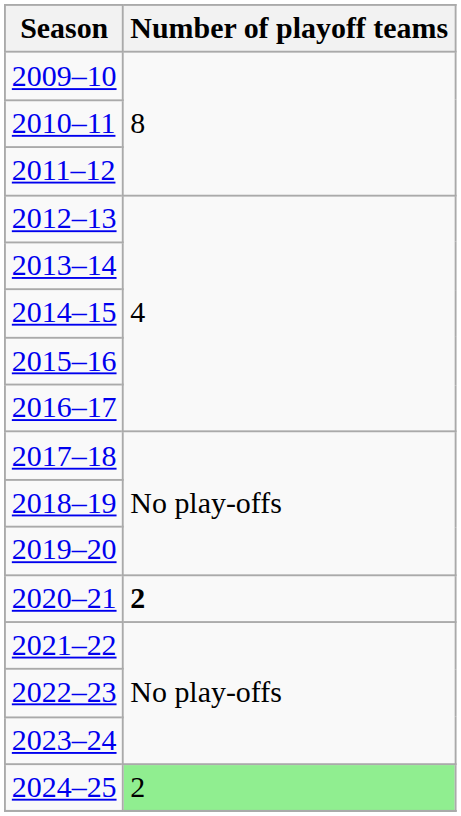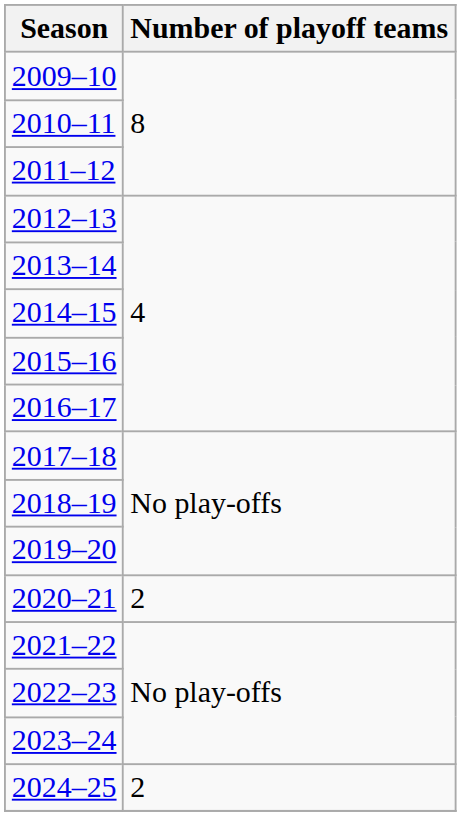 <table class="wikitable">
 <tr>
 <th>Season</th>
 <th>Number of playoff teams</th>
 </tr>
 <tr>
 <td><a href='#'>2009–10</a></td>
 <td rowspan="3">8</td>
 </tr>
 <tr>
 <td><a href='#'>2010–11</a></td>
 </tr>
 <tr>
 <td><a href='#'>2011–12</a></td>
 </tr>
 <tr>
 <td><a href='#'>2012–13</a></td>
 <td rowspan="5">4</td>
 </tr>
 <tr>
 <td><a href='#'>2013–14</a></td>
 </tr>
 <tr>
 <td><a href='#'>2014–15</a></td>
 </tr>
 <tr>
 <td><a href='#'>2015–16</a></td>
 </tr>
 <tr>
 <td><a href='#'>2016–17</a></td>
 </tr>
 <tr>
 <td><a href='#'>2017–18</a></td>
 <td rowspan="3">No play-offs</td>
 </tr>
 <tr>
 <td><a href='#'>2018–19</a></td>
 </tr>
 <tr>
 <td><a href='#'>2019–20</a></td>
 </tr>
 <tr>
 <td><a href='#'>2020–21</a></td>
-<td><strong>2</strong></td>
+<td>2</td>
 </tr>
 <tr>
 <td><a href='#'>2021–22</a></td>
 <td rowspan="3">No play-offs</td>
 </tr>
 <tr>
 <td><a href='#'>2022–23</a></td>
 </tr>
 <tr>
 <td><a href='#'>2023–24</a></td>
 </tr>
 <tr>
 <td><a href='#'>2024–25</a></td>
-<td style="background: lightgreen;">2</td>
+<td>2</td>
 </tr>
 <tr>
 </tr>
 </table>
